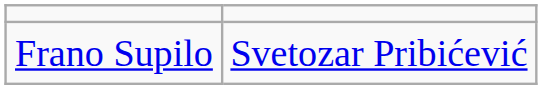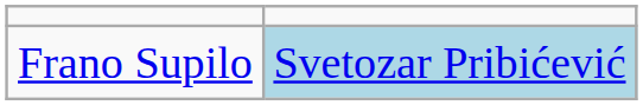 <table class="wikitable" style="text-align:left; float:right; margin-right:9px; margin-left:2px;">
 <tr>
 <td style="text-align:left;"></td>
 <td style="text-align:left;"></td>
 </tr>
 <tr>
 <td style="text-align:center;"><a href='#'>Frano Supilo</a></td>
-<td style="text-align:center;"><a href='#'>Svetozar Pribićević</a></td>
+<td style="background: lightblue; text-align:center;"><a href='#'>Svetozar Pribićević</a></td>
 </tr>
 </table>
